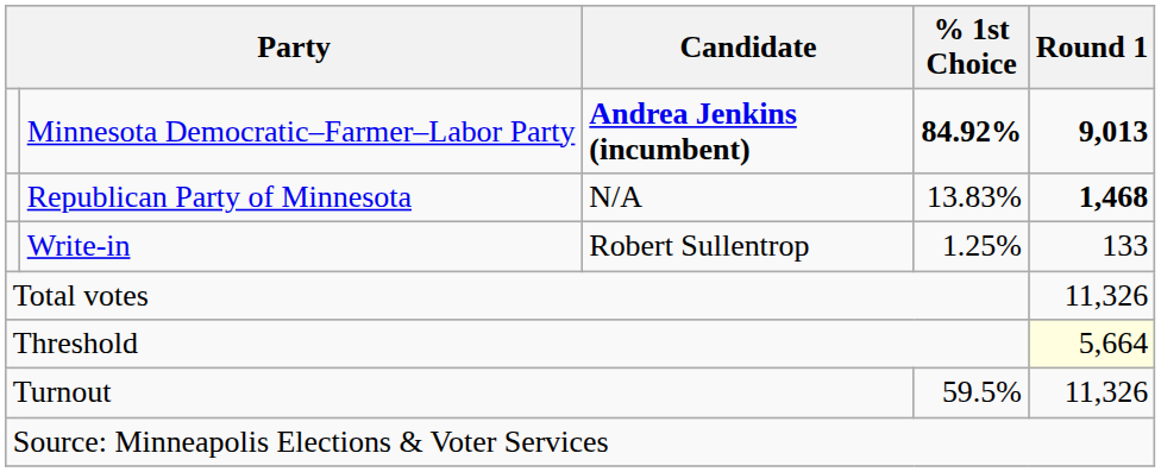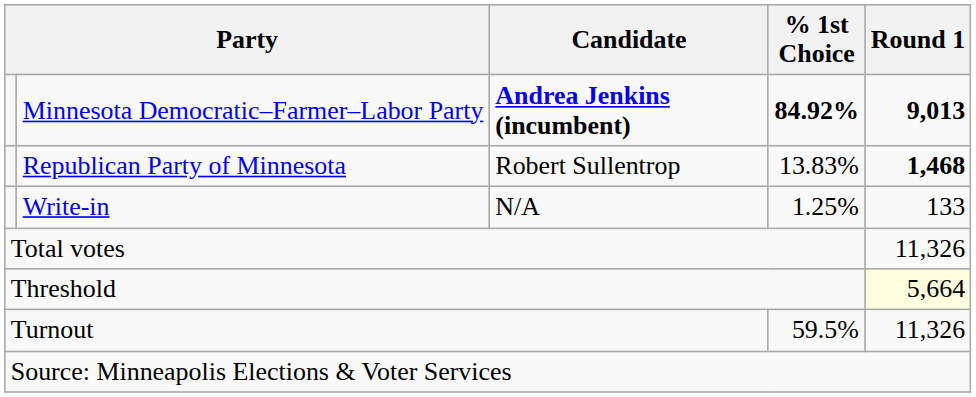 <table class="wikitable">
 <tr>
 <th colspan="2" style="width:290px">Party</th>
 <th style="width:165px">Candidate</th>
 <th>% 1st<br>Choice</th>
 <th>Round 1</th>
 </tr>
 <tr>
 <td style="background-color:"></td>
 <td><a href='#'>Minnesota Democratic–Farmer–Labor Party</a></td>
 <td><strong><a href='#'>Andrea Jenkins</a> (incumbent)</strong></td>
 <td align="right"><strong>84.92%</strong></td>
 <td align="right"><strong>9,013</strong></td>
 </tr>
 <tr>
 <td style="background-color:"></td>
 <td><a href='#'>Republican Party of Minnesota</a></td>
-<td>N/A</td>
+<td>Robert Sullentrop</td>
 <td align="right">13.83%</td>
 <td align="right"><strong>1,468</strong></td>
 </tr>
 <tr>
 <td style="background-color:"></td>
 <td><a href='#'>Write-in</a></td>
-<td>Robert Sullentrop</td>
+<td>N/A</td>
 <td align="right">1.25%</td>
 <td align="right">133</td>
 </tr>
 <tr>
 <td colspan="4">Total votes</td>
 <td align="right">11,326</td>
 </tr>
 <tr>
 <td colspan="4">Threshold</td>
 <td align="right" style="background: lightyellow;">5,664</td>
 </tr>
 <tr>
 <td colspan="3">Turnout</td>
 <td align="right">59.5%</td>
 <td align="right">11,326</td>
 </tr>
 <tr>
 <td colspan="8">Source: Minneapolis Elections & Voter Services</td>
 </tr>
 </table>
